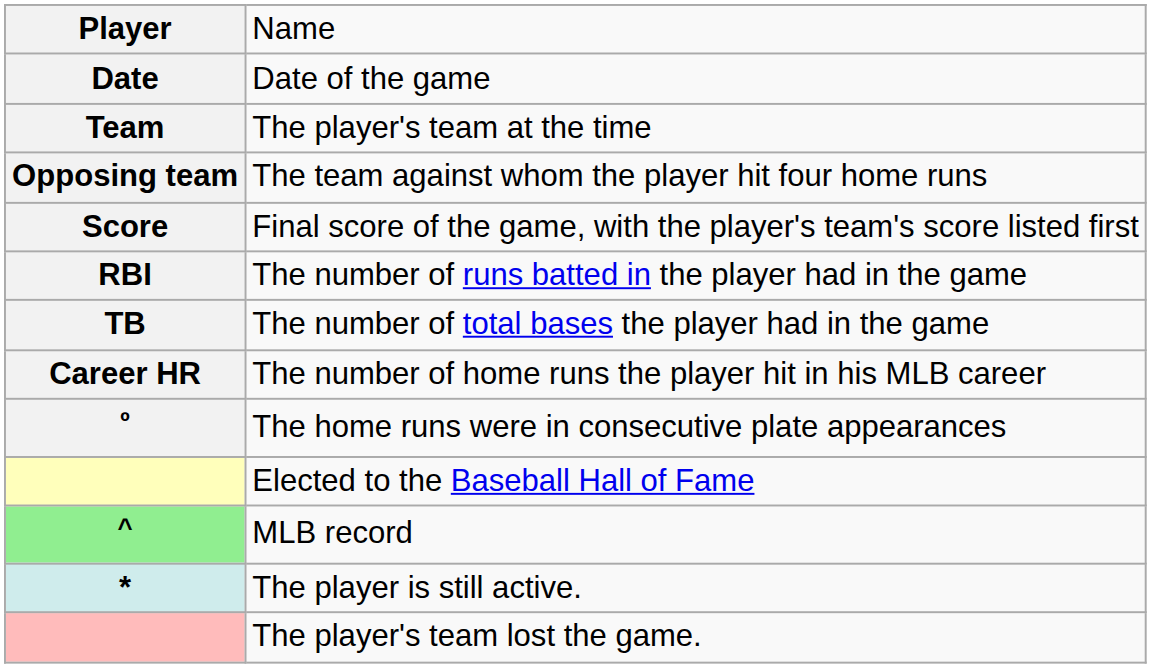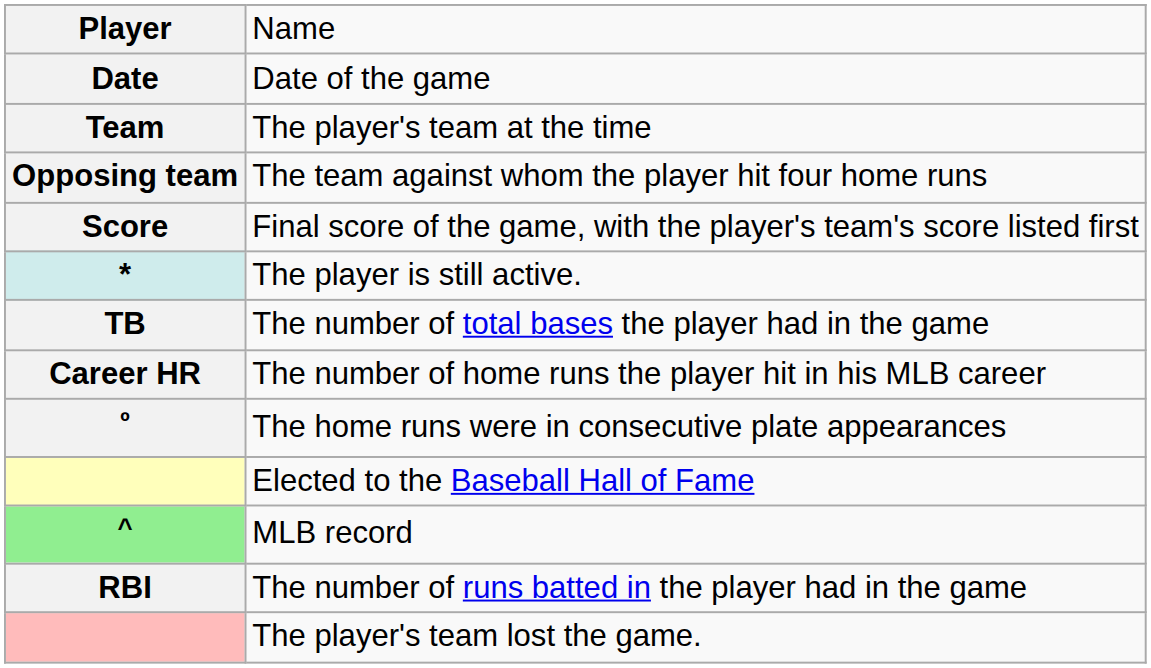 <table class="wikitable plainrowheaders">
 <tr>
 <th scope="row" style="text-align:center"><strong>Player</strong></th>
 <td>Name</td>
 </tr>
 <tr>
 <th scope="row" style="text-align:center"><strong>Date</strong></th>
 <td>Date of the game</td>
 </tr>
 <tr>
 <th scope="row" style="text-align:center"><strong>Team</strong></th>
 <td>The player's team at the time</td>
 </tr>
 <tr>
 <th scope="row" style="text-align:center"><strong>Opposing team</strong></th>
 <td>The team against whom the player hit four home runs</td>
 </tr>
 <tr>
 <th scope="row" style="text-align:center"><strong>Score</strong></th>
 <td>Final score of the game, with the player's team's score listed first</td>
 </tr>
 <tr>
-<th scope="row" style="text-align:center"><strong>RBI</strong></th>
-<td>The number of <a href='#'>runs batted in</a> the player had in the game</td>
+<th scope="row" style="text-align:center; background-color:#CFECEC;">*</th>
+<td>The player is still active.</td>
 </tr>
 <tr>
 <th scope="row" style="text-align:center"><strong>TB</strong></th>
 <td>The number of <a href='#'>total bases</a> the player had in the game</td>
 </tr>
 <tr>
 <th scope="row" style="text-align:center"><strong>Career HR</strong></th>
 <td>The number of home runs the player hit in his MLB career</td>
 </tr>
 <tr>
 <th scope="row" style="text-align:center"><strong><sup>º</sup></strong></th>
 <td>The home runs were in consecutive plate appearances</td>
 </tr>
 <tr>
 <th scope="row" style="text-align:center; background-color: #ffffbb"></th>
 <td>Elected to the <a href='#'>Baseball Hall of Fame</a></td>
 </tr>
 <tr>
 <th scope="row" style="text-align:center; background-color: lightgreen"><strong><sup>^</sup></strong></th>
 <td>MLB record</td>
 </tr>
 <tr>
-<th scope="row" style="text-align:center; background-color:#CFECEC;">*</th>
-<td>The player is still active.</td>
+<th scope="row" style="text-align:center"><strong>RBI</strong></th>
+<td>The number of <a href='#'>runs batted in</a> the player had in the game</td>
 </tr>
 <tr>
 <th scope="row" style="text-align:center; background-color: #ffbbbb"></th>
 <td>The player's team lost the game.</td>
 </tr>
 </table>
